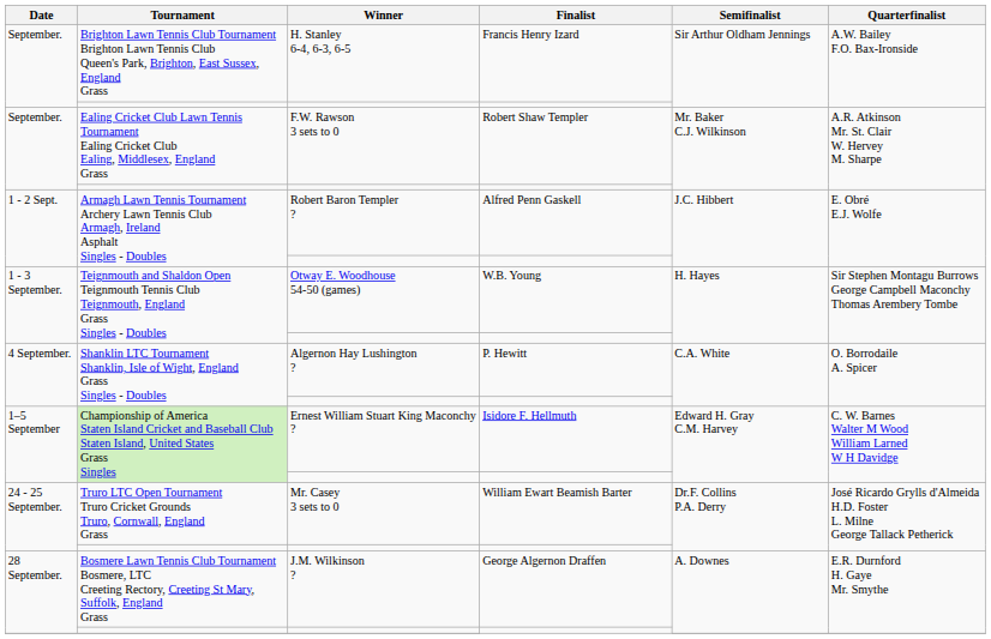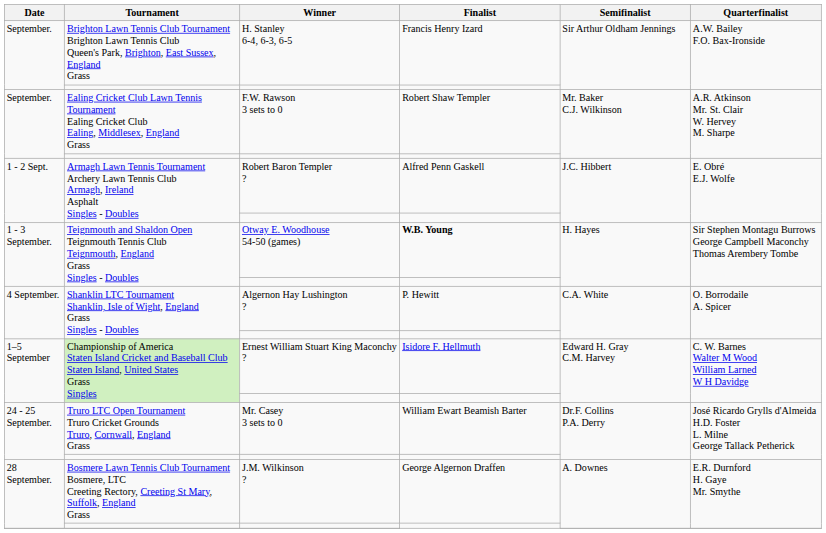 <table class="wikitable" style="font-size:85%;">
 <tr>
 <th width="75">Date</th>
 <th width="230">Tournament</th>
 <th width="210">Winner</th>
 <th width="210">Finalist</th>
 <th width="170">Semifinalist</th>
 <th width="170">Quarterfinalist</th>
 </tr>
 <tr valign=top>
 <td rowspan=2>September.</td>
 <td><a href='#'>Brighton Lawn Tennis Club Tournament</a><br>Brighton Lawn Tennis Club<br>Queen's Park, <a href='#'>Brighton</a>, <a href='#'>East Sussex</a>, <a href='#'>England</a><br>Grass<br></td>
 <td> H. Stanley<br>6-4, 6-3, 6-5</td>
 <td> Francis Henry Izard</td>
 <td rowspan=2> Sir Arthur Oldham Jennings</td>
 <td rowspan=2> A.W. Bailey<br> F.O. Bax-Ironside</td>
 </tr>
 <tr valign=top>
 <td></td>
 <td></td>
 </tr>
 <tr valign=top>
 <td rowspan=2>September.</td>
 <td><a href='#'>Ealing Cricket Club Lawn Tennis Tournament</a><br>Ealing Cricket Club<br><a href='#'>Ealing</a>, <a href='#'>Middlesex</a>, <a href='#'>England</a><br>Grass<br></td>
 <td>  F.W. Rawson<br>3 sets to 0</td>
 <td> Robert Shaw Templer</td>
 <td rowspan=2> Mr. Baker<br> C.J. Wilkinson</td>
 <td rowspan=2> A.R. Atkinson<br>  Mr. St. Clair<br>  W. Hervey<br>  M. Sharpe<br></td>
 </tr>
 <tr valign=top>
 <td></td>
 <td></td>
 </tr>
 <tr valign=top>
 <td rowspan=2>1 - 2 Sept.</td>
 <td rowspan=2><a href='#'>Armagh Lawn Tennis Tournament</a><br>Archery Lawn Tennis Club<br><a href='#'>Armagh</a>, <a href='#'>Ireland</a><br>Asphalt<br><a href='#'>Singles</a> - <a href='#'>Doubles</a></td>
 <td> Robert Baron Templer <br>?</td>
 <td> Alfred Penn Gaskell</td>
 <td rowspan=2> J.C. Hibbert</td>
 <td rowspan=2> E. Obré<br> E.J. Wolfe</td>
 </tr>
 <tr valign=top>
 <td></td>
 <td></td>
 </tr>
 <tr valign=top>
 <td rowspan=2>1 - 3 September.</td>
 <td rowspan=2><a href='#'>Teignmouth and Shaldon Open</a><br>Teignmouth Tennis Club<br><a href='#'>Teignmouth</a>, <a href='#'>England</a><br>Grass<br><a href='#'>Singles</a> - <a href='#'>Doubles</a></td>
 <td> <a href='#'>Otway E. Woodhouse</a><br>54-50 (games)</td>
-<td> W.B. Young</td>
+<td><strong> W.B. Young</strong></td>
 <td rowspan=2> H. Hayes</td>
 <td rowspan=2> Sir Stephen Montagu Burrows<br> George Campbell Maconchy<br> Thomas Arembery Tombe</td>
 </tr>
 <tr valign=top>
 <td></td>
 <td></td>
 </tr>
 <tr valign=top>
 <td rowspan=2>4 September.</td>
 <td rowspan=2><a href='#'>Shanklin LTC Tournament</a><br><a href='#'>Shanklin, Isle of Wight</a>, <a href='#'>England</a><br>Grass<br><a href='#'>Singles</a> - <a href='#'>Doubles</a></td>
 <td> Algernon Hay Lushington<br>?</td>
 <td> P. Hewitt</td>
 <td rowspan=2> C.A. White</td>
 <td rowspan=2> O. Borrodaile<br> A. Spicer</td>
 </tr>
 <tr valign=top>
 <td></td>
 <td></td>
 </tr>
 <tr valign=top>
 <td rowspan=2>1–5 September</td>
 <td style="background:#d0f0c0" rowspan=2>Championship of America  <br><a href='#'>Staten Island Cricket and Baseball Club</a><br><a href='#'>Staten Island</a>, <a href='#'>United States</a><br>Grass<br><a href='#'>Singles</a></td>
 <td>  Ernest William Stuart King Maconchy<br>?</td>
 <td> <a href='#'>Isidore F. Hellmuth</a></td>
 <td rowspan=2> Edward H. Gray<br>  C.M. Harvey</td>
 <td rowspan=2> C. W. Barnes<br>  <a href='#'>Walter M Wood</a><br>  <a href='#'>William Larned</a> <br> <a href='#'>W H Davidge</a><br></td>
 </tr>
 <tr valign=top>
 <td></td>
 <td></td>
 </tr>
 <tr valign=top>
 <td rowspan=2>24 - 25 September.</td>
 <td><a href='#'>Truro LTC Open Tournament</a><br>Truro Cricket Grounds<br><a href='#'>Truro</a>, <a href='#'>Cornwall</a>, <a href='#'>England</a><br>Grass<br></td>
 <td> Mr. Casey<br>3 sets to 0</td>
 <td> William Ewart Beamish Barter</td>
 <td rowspan=2> Dr.F. Collins <br> P.A. Derry</td>
 <td rowspan=2> José Ricardo Grylls d'Almeida<br> H.D. Foster <br> L. Milne<br> George Tallack Petherick</td>
 </tr>
 <tr valign=top>
 <td></td>
 <td></td>
 </tr>
 <tr valign=top>
 <td rowspan=2>28 September.</td>
 <td><a href='#'>Bosmere Lawn Tennis Club Tournament</a><br>Bosmere, LTC<br>Creeting Rectory, <a href='#'>Creeting St Mary</a>, <a href='#'>Suffolk</a>, <a href='#'>England</a><br>Grass<br></td>
 <td> J.M. Wilkinson<br> ?</td>
 <td> George Algernon Draffen</td>
 <td rowspan=2> A. Downes</td>
 <td rowspan=2>  E.R. Durnford<br> H. Gaye<br> Mr. Smythe<br></td>
 </tr>
 <tr valign=top>
 <td></td>
 <td></td>
 </tr>
 <tr valign=top>
 </tr>
 </table>
